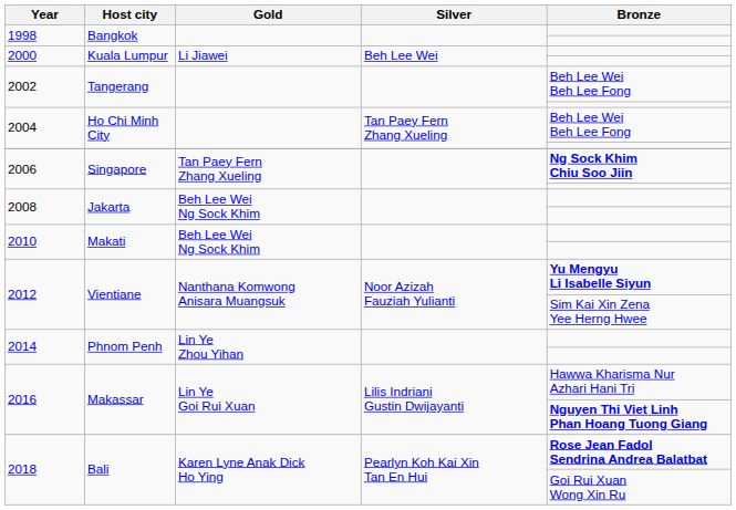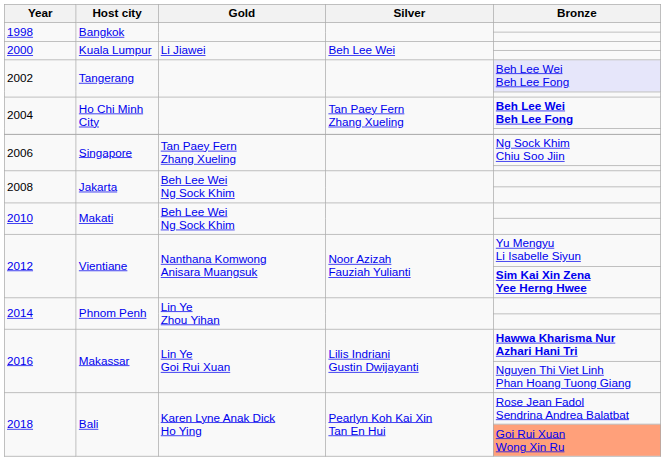 <table class="wikitable sortable" style="width:900px;">
 <tr>
 <th width="120">Year</th>
 <th width="120">Host city</th>
 <th width="300">Gold</th>
 <th width="300">Silver</th>
 <th width="300">Bronze</th>
 </tr>
 <tr>
 <td rowspan=2><a href='#'>1998</a></td>
 <td rowspan=2><a href='#'>Bangkok</a></td>
 <td rowspan=2></td>
 <td rowspan=2></td>
 <td></td>
 </tr>
 <tr>
 <td></td>
 </tr>
 <tr>
 <td rowspan=2><a href='#'>2000</a></td>
 <td rowspan=2><a href='#'>Kuala Lumpur</a></td>
 <td rowspan=2> <a href='#'>Li Jiawei</a><br></td>
 <td rowspan=2> <a href='#'>Beh Lee Wei</a><br></td>
 <td></td>
 </tr>
 <tr>
 <td></td>
 </tr>
 <tr>
 <td rowspan=2>2002</td>
 <td rowspan=2><a href='#'>Tangerang</a></td>
 <td rowspan=2></td>
 <td rowspan=2></td>
-<td> <a href='#'>Beh Lee Wei</a><br> <a href='#'>Beh Lee Fong</a></td>
+<td style="background: lavender;"> <a href='#'>Beh Lee Wei</a><br> <a href='#'>Beh Lee Fong</a></td>
 </tr>
 <tr>
 <td></td>
 </tr>
 <tr>
 <td rowspan=2>2004</td>
 <td rowspan=2><a href='#'>Ho Chi Minh City</a></td>
 <td rowspan=2></td>
 <td rowspan=2> <a href='#'>Tan Paey Fern</a><br> <a href='#'>Zhang Xueling</a></td>
-<td> <a href='#'>Beh Lee Wei</a><br> <a href='#'>Beh Lee Fong</a></td>
+<td><strong> <a href='#'>Beh Lee Wei</a><br> <a href='#'>Beh Lee Fong</a></strong></td>
 </tr>
 <tr>
 <td></td>
 </tr>
 <tr>
 </tr>
 <tr>
 <td rowspan=2>2006</td>
 <td rowspan=2><a href='#'>Singapore</a></td>
 <td rowspan=2> <a href='#'>Tan Paey Fern</a><br> <a href='#'>Zhang Xueling</a></td>
 <td rowspan=2></td>
-<td><strong> <a href='#'>Ng Sock Khim</a><br> <a href='#'>Chiu Soo Jiin</a></strong></td>
+<td> <a href='#'>Ng Sock Khim</a><br> <a href='#'>Chiu Soo Jiin</a></td>
 </tr>
 <tr>
 <td></td>
 </tr>
 <tr>
 <td rowspan=2>2008</td>
 <td rowspan=2><a href='#'>Jakarta</a></td>
 <td rowspan=2> <a href='#'>Beh Lee Wei</a><br> <a href='#'>Ng Sock Khim</a></td>
 <td rowspan=2></td>
 <td></td>
 </tr>
 <tr>
 <td></td>
 </tr>
 <tr>
 <td rowspan=2><a href='#'>2010</a></td>
 <td rowspan=2><a href='#'>Makati</a></td>
 <td rowspan=2> <a href='#'>Beh Lee Wei</a><br> <a href='#'>Ng Sock Khim</a></td>
 <td rowspan=2> <br></td>
 <td></td>
 </tr>
 <tr>
 <td></td>
 </tr>
 <tr>
 <td rowspan=2><a href='#'>2012</a></td>
 <td rowspan=2><a href='#'>Vientiane</a></td>
 <td rowspan=2> <a href='#'>Nanthana Komwong</a><br> <a href='#'>Anisara Muangsuk</a></td>
 <td rowspan=2> <a href='#'>Noor Azizah</a><br> <a href='#'>Fauziah Yulianti</a></td>
-<td><strong> <a href='#'>Yu Mengyu</a><br> <a href='#'>Li Isabelle Siyun</a></strong></td>
+<td> <a href='#'>Yu Mengyu</a><br> <a href='#'>Li Isabelle Siyun</a></td>
 </tr>
 <tr>
-<td> <a href='#'>Sim Kai Xin Zena</a><br> <a href='#'>Yee Herng Hwee</a></td>
+<td><strong> <a href='#'>Sim Kai Xin Zena</a><br> <a href='#'>Yee Herng Hwee</a></strong></td>
 </tr>
 <tr>
 <td rowspan=2><a href='#'>2014</a></td>
 <td rowspan=2><a href='#'>Phnom Penh</a></td>
 <td rowspan=2> <a href='#'>Lin Ye</a><br> <a href='#'>Zhou Yihan</a></td>
 <td rowspan=2></td>
 <td></td>
 </tr>
 <tr>
 <td></td>
 </tr>
 <tr>
 <td rowspan=2><a href='#'>2016</a></td>
 <td rowspan=2><a href='#'>Makassar</a></td>
 <td rowspan=2> <a href='#'>Lin Ye</a><br> <a href='#'>Goi Rui Xuan</a></td>
 <td rowspan=2> <a href='#'>Lilis Indriani</a><br> <a href='#'>Gustin Dwijayanti</a></td>
-<td> <a href='#'>Hawwa Kharisma Nur</a><br> <a href='#'>Azhari Hani Tri</a></td>
+<td><strong> <a href='#'>Hawwa Kharisma Nur</a><br> <a href='#'>Azhari Hani Tri</a></strong></td>
 </tr>
 <tr>
-<td><strong> <a href='#'>Nguyen Thi Viet Linh</a><br> <a href='#'>Phan Hoang Tuong Giang</a></strong></td>
+<td> <a href='#'>Nguyen Thi Viet Linh</a><br> <a href='#'>Phan Hoang Tuong Giang</a></td>
 </tr>
 <tr>
 <td rowspan=2><a href='#'>2018</a></td>
 <td rowspan=2><a href='#'>Bali</a></td>
 <td rowspan=2> <a href='#'>Karen Lyne Anak Dick</a><br> <a href='#'>Ho Ying</a></td>
 <td rowspan=2> <a href='#'>Pearlyn Koh Kai Xin</a><br> <a href='#'>Tan En Hui</a></td>
-<td><strong> <a href='#'>Rose Jean Fadol</a><br> <a href='#'>Sendrina Andrea Balatbat</a></strong></td>
+<td> <a href='#'>Rose Jean Fadol</a><br> <a href='#'>Sendrina Andrea Balatbat</a></td>
 </tr>
 <tr>
-<td> <a href='#'>Goi Rui Xuan</a><br> <a href='#'>Wong Xin Ru</a></td>
+<td style="background: lightsalmon;"> <a href='#'>Goi Rui Xuan</a><br> <a href='#'>Wong Xin Ru</a></td>
 </tr>
 </table>
